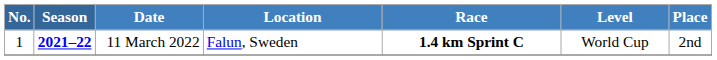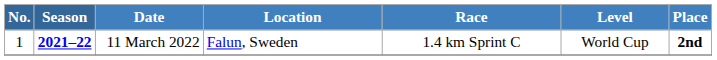 <table class="wikitable sortable" style="font-size:95%; text-align:center; border:grey solid 1px; border-collapse:collapse; background:#ffffff;">
 <tr style="background:#efefef;">
 <th style="background-color:#369; color:white;">No.</th>
 <th style="background-color:#369; color:white;">Season</th>
 <th style="background-color:#4180be; color:white; width:100px;">Date</th>
 <th style="background-color:#4180be; color:white; width:170px;">Location</th>
 <th style="background-color:#4180be; color:white; width:170px;">Race</th>
 <th style="background-color:#4180be; color:white; width:100px;">Level</th>
 <th style="background-color:#4180be; color:white;">Place</th>
 </tr>
 <tr>
 <td align=center>1</td>
 <td rowspan="1" align="center"><strong><a href='#'>2021–22</a></strong></td>
 <td align=right>11 March 2022</td>
 <td align=left> <a href='#'>Falun</a>, Sweden</td>
-<td><strong>1.4 km Sprint C</strong></td>
+<td>1.4 km Sprint C</td>
 <td>World Cup</td>
-<td>2nd</td>
+<td><strong>2nd</strong></td>
 </tr>
 <tr>
 </tr>
 </table>
